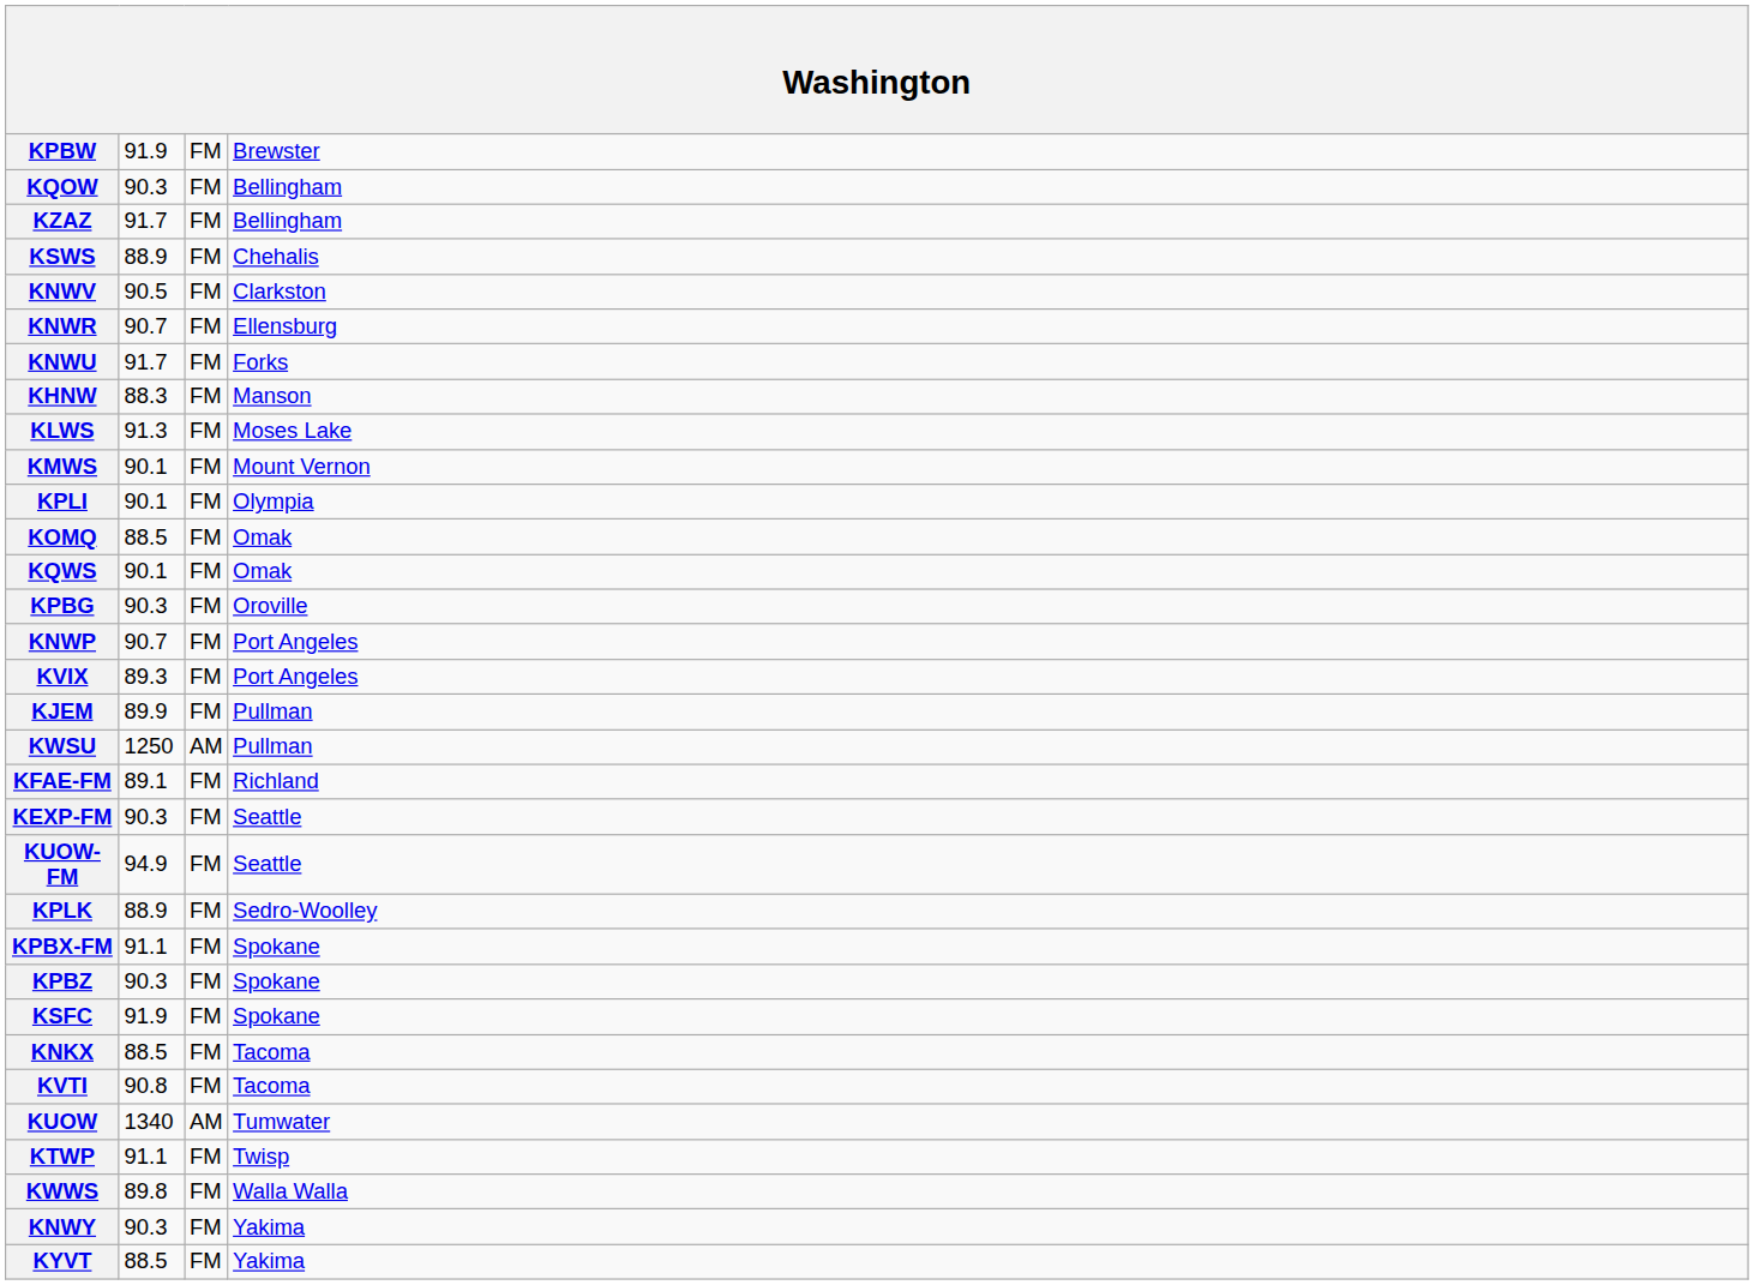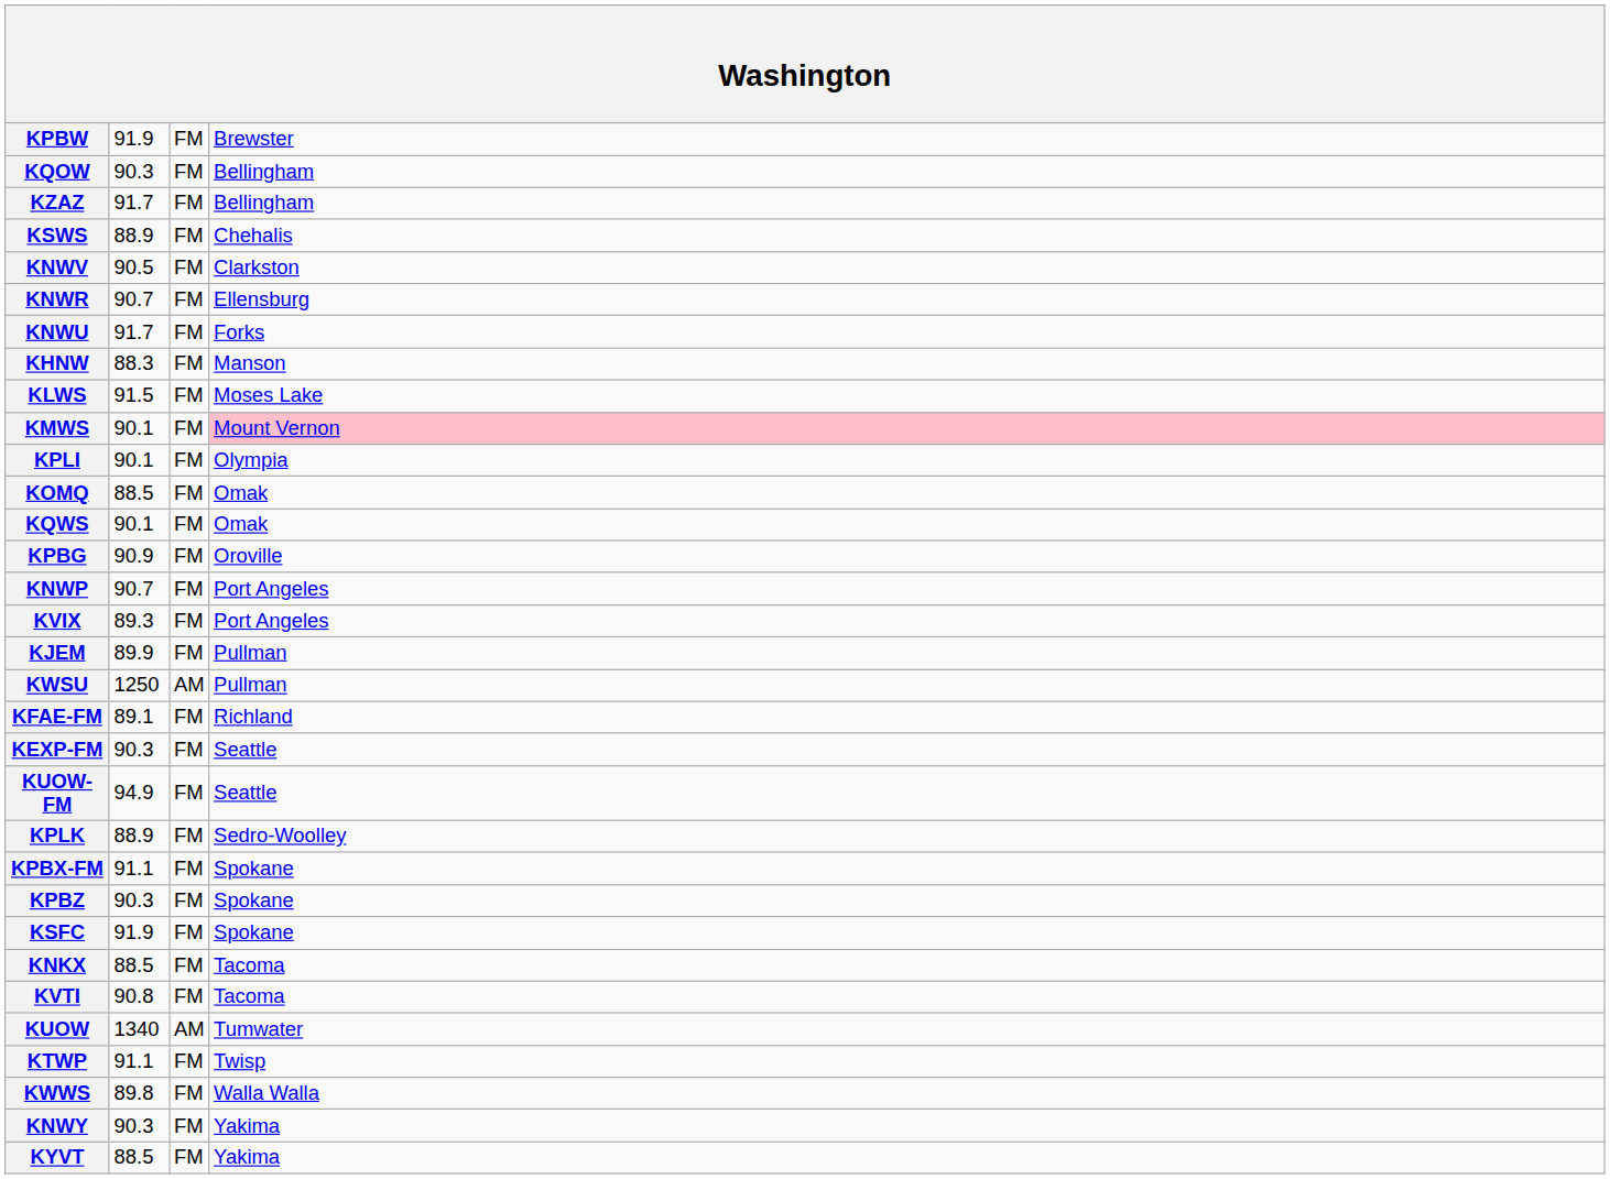 <table class="wikitable mw-collapsible" style="width:100%">
 <tr>
 <th scope="col" colspan="4"><br><h2>Washington</h2></th>
 </tr>
 <tr>
 <th scope="row" style="width: 75px;"><a href='#'>KPBW</a></th>
 <td style="width: 40px;">91.9</td>
 <td style="width: 21px;">FM</td>
 <td><a href='#'>Brewster</a></td>
 </tr>
 <tr>
 <th scope="row"><a href='#'>KQOW</a></th>
 <td>90.3</td>
 <td>FM</td>
 <td><a href='#'>Bellingham</a></td>
 </tr>
 <tr>
 <th scope="row"><a href='#'>KZAZ</a></th>
 <td>91.7</td>
 <td>FM</td>
 <td><a href='#'>Bellingham</a></td>
 </tr>
 <tr>
 <th scope="row"><a href='#'>KSWS</a></th>
 <td>88.9</td>
 <td>FM</td>
 <td><a href='#'>Chehalis</a></td>
 </tr>
 <tr>
 <th scope="row"><a href='#'>KNWV</a></th>
 <td>90.5</td>
 <td>FM</td>
 <td><a href='#'>Clarkston</a></td>
 </tr>
 <tr>
 <th scope="row"><a href='#'>KNWR</a></th>
 <td>90.7</td>
 <td>FM</td>
 <td><a href='#'>Ellensburg</a></td>
 </tr>
 <tr>
 <th scope="row"><a href='#'>KNWU</a></th>
 <td>91.7</td>
 <td>FM</td>
 <td><a href='#'>Forks</a></td>
 </tr>
 <tr>
 <th scope="row"><a href='#'>KHNW</a></th>
 <td>88.3</td>
 <td>FM</td>
 <td><a href='#'>Manson</a></td>
 </tr>
 <tr>
 <th scope="row"><a href='#'>KLWS</a></th>
-<td>91.3</td>
+<td>91.5</td>
 <td>FM</td>
 <td><a href='#'>Moses Lake</a></td>
 </tr>
 <tr>
 <th scope="row"><a href='#'>KMWS</a></th>
 <td>90.1</td>
 <td>FM</td>
-<td><a href='#'>Mount Vernon</a></td>
+<td style="background: pink;"><a href='#'>Mount Vernon</a></td>
 </tr>
 <tr>
 <th scope="row"><a href='#'>KPLI</a></th>
 <td>90.1</td>
 <td>FM</td>
 <td><a href='#'>Olympia</a></td>
 </tr>
 <tr>
 <th scope="row"><a href='#'>KOMQ</a></th>
 <td>88.5</td>
 <td>FM</td>
 <td><a href='#'>Omak</a></td>
 </tr>
 <tr>
 <th scope="row"><a href='#'>KQWS</a></th>
 <td>90.1</td>
 <td>FM</td>
 <td><a href='#'>Omak</a></td>
 </tr>
 <tr>
 <th scope="row"><a href='#'>KPBG</a></th>
-<td>90.3</td>
+<td>90.9</td>
 <td>FM</td>
 <td><a href='#'>Oroville</a></td>
 </tr>
 <tr>
 <th scope="row"><a href='#'>KNWP</a></th>
 <td>90.7</td>
 <td>FM</td>
 <td><a href='#'>Port Angeles</a></td>
 </tr>
 <tr>
 <th scope="row"><a href='#'>KVIX</a></th>
 <td>89.3</td>
 <td>FM</td>
 <td><a href='#'>Port Angeles</a></td>
 </tr>
 <tr>
 <th scope="row"><a href='#'>KJEM</a></th>
 <td>89.9</td>
 <td>FM</td>
 <td><a href='#'>Pullman</a></td>
 </tr>
 <tr>
 <th scope="row"><a href='#'>KWSU</a></th>
 <td>1250</td>
 <td>AM</td>
 <td><a href='#'>Pullman</a></td>
 </tr>
 <tr>
 <th scope="row"><a href='#'>KFAE-FM</a></th>
 <td>89.1</td>
 <td>FM</td>
 <td><a href='#'>Richland</a></td>
 </tr>
 <tr>
 <th scope="row"><a href='#'>KEXP-FM</a></th>
 <td>90.3</td>
 <td>FM</td>
 <td><a href='#'>Seattle</a></td>
 </tr>
 <tr>
 <th scope="row"><a href='#'>KUOW-FM</a></th>
 <td>94.9</td>
 <td>FM</td>
 <td><a href='#'>Seattle</a></td>
 </tr>
 <tr>
 <th scope="row"><a href='#'>KPLK</a></th>
 <td>88.9</td>
 <td>FM</td>
 <td><a href='#'>Sedro-Woolley</a></td>
 </tr>
 <tr>
 <th scope="row"><a href='#'>KPBX-FM</a></th>
 <td>91.1</td>
 <td>FM</td>
 <td><a href='#'>Spokane</a></td>
 </tr>
 <tr>
 <th scope="row"><a href='#'>KPBZ</a></th>
 <td>90.3</td>
 <td>FM</td>
 <td><a href='#'>Spokane</a></td>
 </tr>
 <tr>
 <th scope="row"><a href='#'>KSFC</a></th>
 <td>91.9</td>
 <td>FM</td>
 <td><a href='#'>Spokane</a></td>
 </tr>
 <tr>
 <th scope="row"><a href='#'>KNKX</a></th>
 <td>88.5</td>
 <td>FM</td>
 <td><a href='#'>Tacoma</a></td>
 </tr>
 <tr>
 <th scope="row"><a href='#'>KVTI</a></th>
 <td>90.8</td>
 <td>FM</td>
 <td><a href='#'>Tacoma</a></td>
 </tr>
 <tr>
 <th scope="row"><a href='#'>KUOW</a></th>
 <td>1340</td>
 <td>AM</td>
 <td><a href='#'>Tumwater</a></td>
 </tr>
 <tr>
 <th scope="row"><a href='#'>KTWP</a></th>
 <td>91.1</td>
 <td>FM</td>
 <td><a href='#'>Twisp</a></td>
 </tr>
 <tr>
 <th scope="row"><a href='#'>KWWS</a></th>
 <td>89.8</td>
 <td>FM</td>
 <td><a href='#'>Walla Walla</a></td>
 </tr>
 <tr>
 <th scope="row"><a href='#'>KNWY</a></th>
 <td>90.3</td>
 <td>FM</td>
 <td><a href='#'>Yakima</a></td>
 </tr>
 <tr>
 <th scope="row"><a href='#'>KYVT</a></th>
 <td>88.5</td>
 <td>FM</td>
 <td><a href='#'>Yakima</a></td>
 </tr>
 </table>
